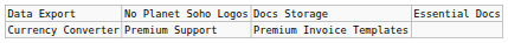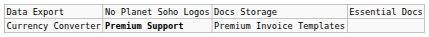 <table class="wikitable">
 <tr>
 <td>Data Export</td>
 <td>No Planet Soho Logos</td>
 <td>Docs Storage</td>
 <td>Essential Docs</td>
 </tr>
 <tr>
 <td>Currency Converter</td>
-<td>Premium Support</td>
+<td><strong>Premium Support</strong></td>
 <td>Premium Invoice Templates</td>
 <td></td>
 </tr>
 </table>
